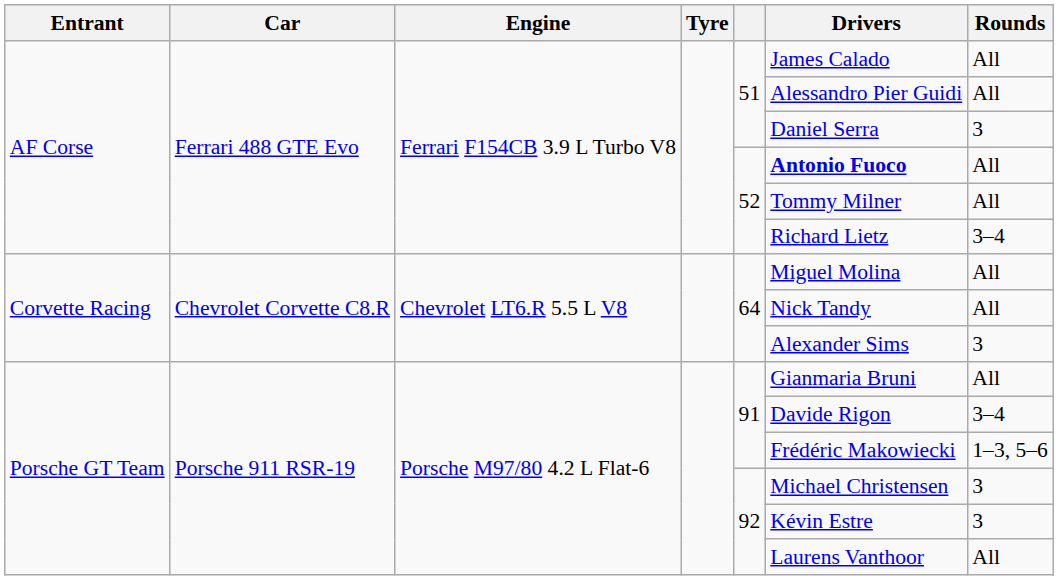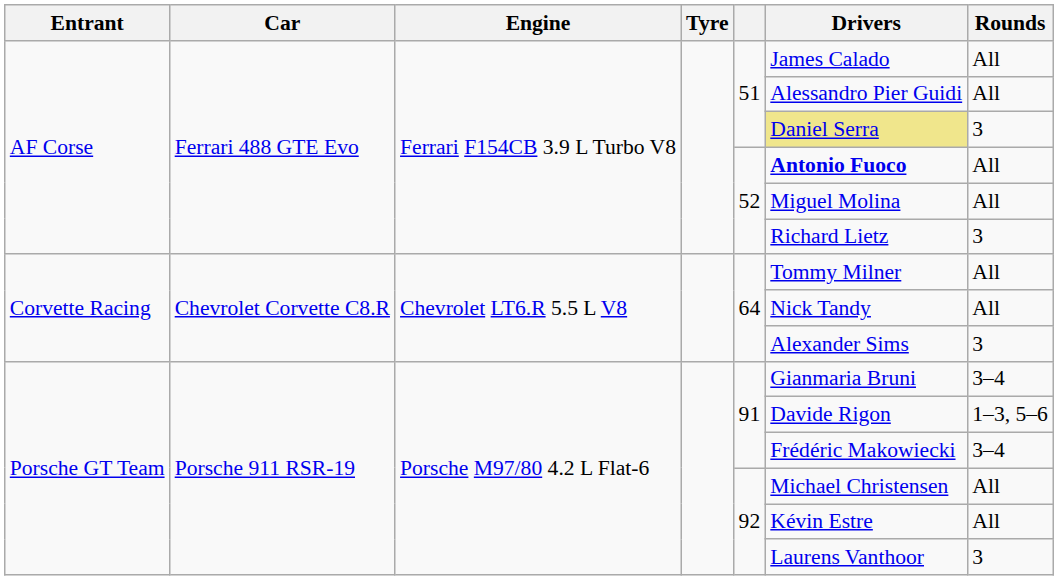 <table class="wikitable" style="font-size: 90%">
 <tr>
 <th>Entrant</th>
 <th>Car</th>
 <th>Engine</th>
 <th>Tyre</th>
 <th></th>
 <th>Drivers</th>
 <th>Rounds</th>
 </tr>
 <tr>
 <td rowspan="6"> <a href='#'>AF Corse</a></td>
 <td rowspan="6"><a href='#'>Ferrari 488 GTE Evo</a></td>
 <td rowspan="6"><a href='#'>Ferrari</a> <a href='#'>F154CB</a> 3.9 L Turbo V8</td>
 <td rowspan="6"></td>
 <td rowspan="3" align="center">51</td>
 <td> <a href='#'>James Calado</a></td>
 <td>All</td>
 </tr>
 <tr>
 <td> <a href='#'>Alessandro Pier Guidi</a></td>
 <td>All</td>
 </tr>
 <tr>
-<td> <a href='#'>Daniel Serra</a></td>
+<td style="background: khaki;"> <a href='#'>Daniel Serra</a></td>
 <td>3</td>
 </tr>
 <tr>
 <td rowspan="3" align="center">52</td>
 <td><strong> <a href='#'>Antonio Fuoco</a></strong></td>
 <td>All</td>
 </tr>
 <tr>
-<td> <a href='#'>Tommy Milner</a></td>
+<td> <a href='#'>Miguel Molina</a></td>
 <td>All</td>
 </tr>
 <tr>
 <td> <a href='#'>Richard Lietz</a></td>
-<td>3–4</td>
+<td>3</td>
 </tr>
 <tr>
 <td rowspan="3"> <a href='#'>Corvette Racing</a></td>
 <td rowspan="3"><a href='#'>Chevrolet Corvette C8.R</a></td>
 <td rowspan="3"><a href='#'>Chevrolet</a> <a href='#'>LT6.R</a> 5.5 L <a href='#'>V8</a></td>
 <td rowspan="3"></td>
 <td align="center" rowspan=3>64</td>
-<td> <a href='#'>Miguel Molina</a></td>
+<td> <a href='#'>Tommy Milner</a></td>
 <td>All</td>
 </tr>
 <tr>
 <td> <a href='#'>Nick Tandy</a></td>
 <td>All</td>
 </tr>
 <tr>
 <td> <a href='#'>Alexander Sims</a></td>
 <td>3</td>
 </tr>
 <tr>
 <td rowspan="6"> <a href='#'>Porsche GT Team</a></td>
 <td rowspan="6"><a href='#'>Porsche 911 RSR-19</a></td>
 <td rowspan="6"><a href='#'>Porsche</a> <a href='#'>M97/80</a> 4.2 L Flat-6</td>
 <td rowspan="6"></td>
 <td rowspan="3" align="center">91</td>
 <td> <a href='#'>Gianmaria Bruni</a></td>
-<td>All</td>
+<td>3–4</td>
 </tr>
 <tr>
 <td> <a href='#'>Davide Rigon</a></td>
-<td>3–4</td>
+<td nowrap>1–3, 5–6</td>
 </tr>
 <tr>
 <td nowrap> <a href='#'>Frédéric Makowiecki</a></td>
-<td nowrap>1–3, 5–6</td>
+<td>3–4</td>
 </tr>
 <tr>
 <td rowspan="3" align="center">92</td>
 <td> <a href='#'>Michael Christensen</a></td>
-<td>3</td>
+<td>All</td>
 </tr>
 <tr>
 <td> <a href='#'>Kévin Estre</a></td>
-<td>3</td>
+<td>All</td>
 </tr>
 <tr>
 <td> <a href='#'>Laurens Vanthoor</a></td>
-<td>All</td>
+<td>3</td>
 </tr>
 </table>
